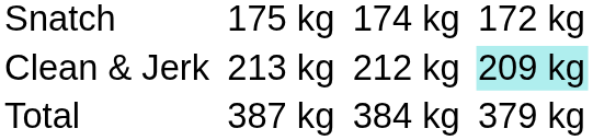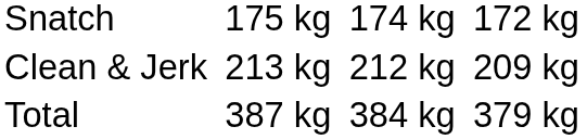 <table>
 <tr>
 <td>Snatch</td>
 <td></td>
 <td>175 kg</td>
 <td></td>
 <td>174 kg</td>
 <td></td>
 <td>172 kg</td>
 </tr>
 <tr>
 <td>Clean & Jerk</td>
 <td></td>
 <td>213 kg</td>
 <td></td>
 <td>212 kg</td>
 <td></td>
-<td style="background: paleturquoise;">209 kg</td>
+<td>209 kg</td>
 </tr>
 <tr>
 <td>Total</td>
 <td></td>
 <td>387 kg</td>
 <td></td>
 <td>384 kg</td>
 <td></td>
 <td>379 kg</td>
 </tr>
 </table>
